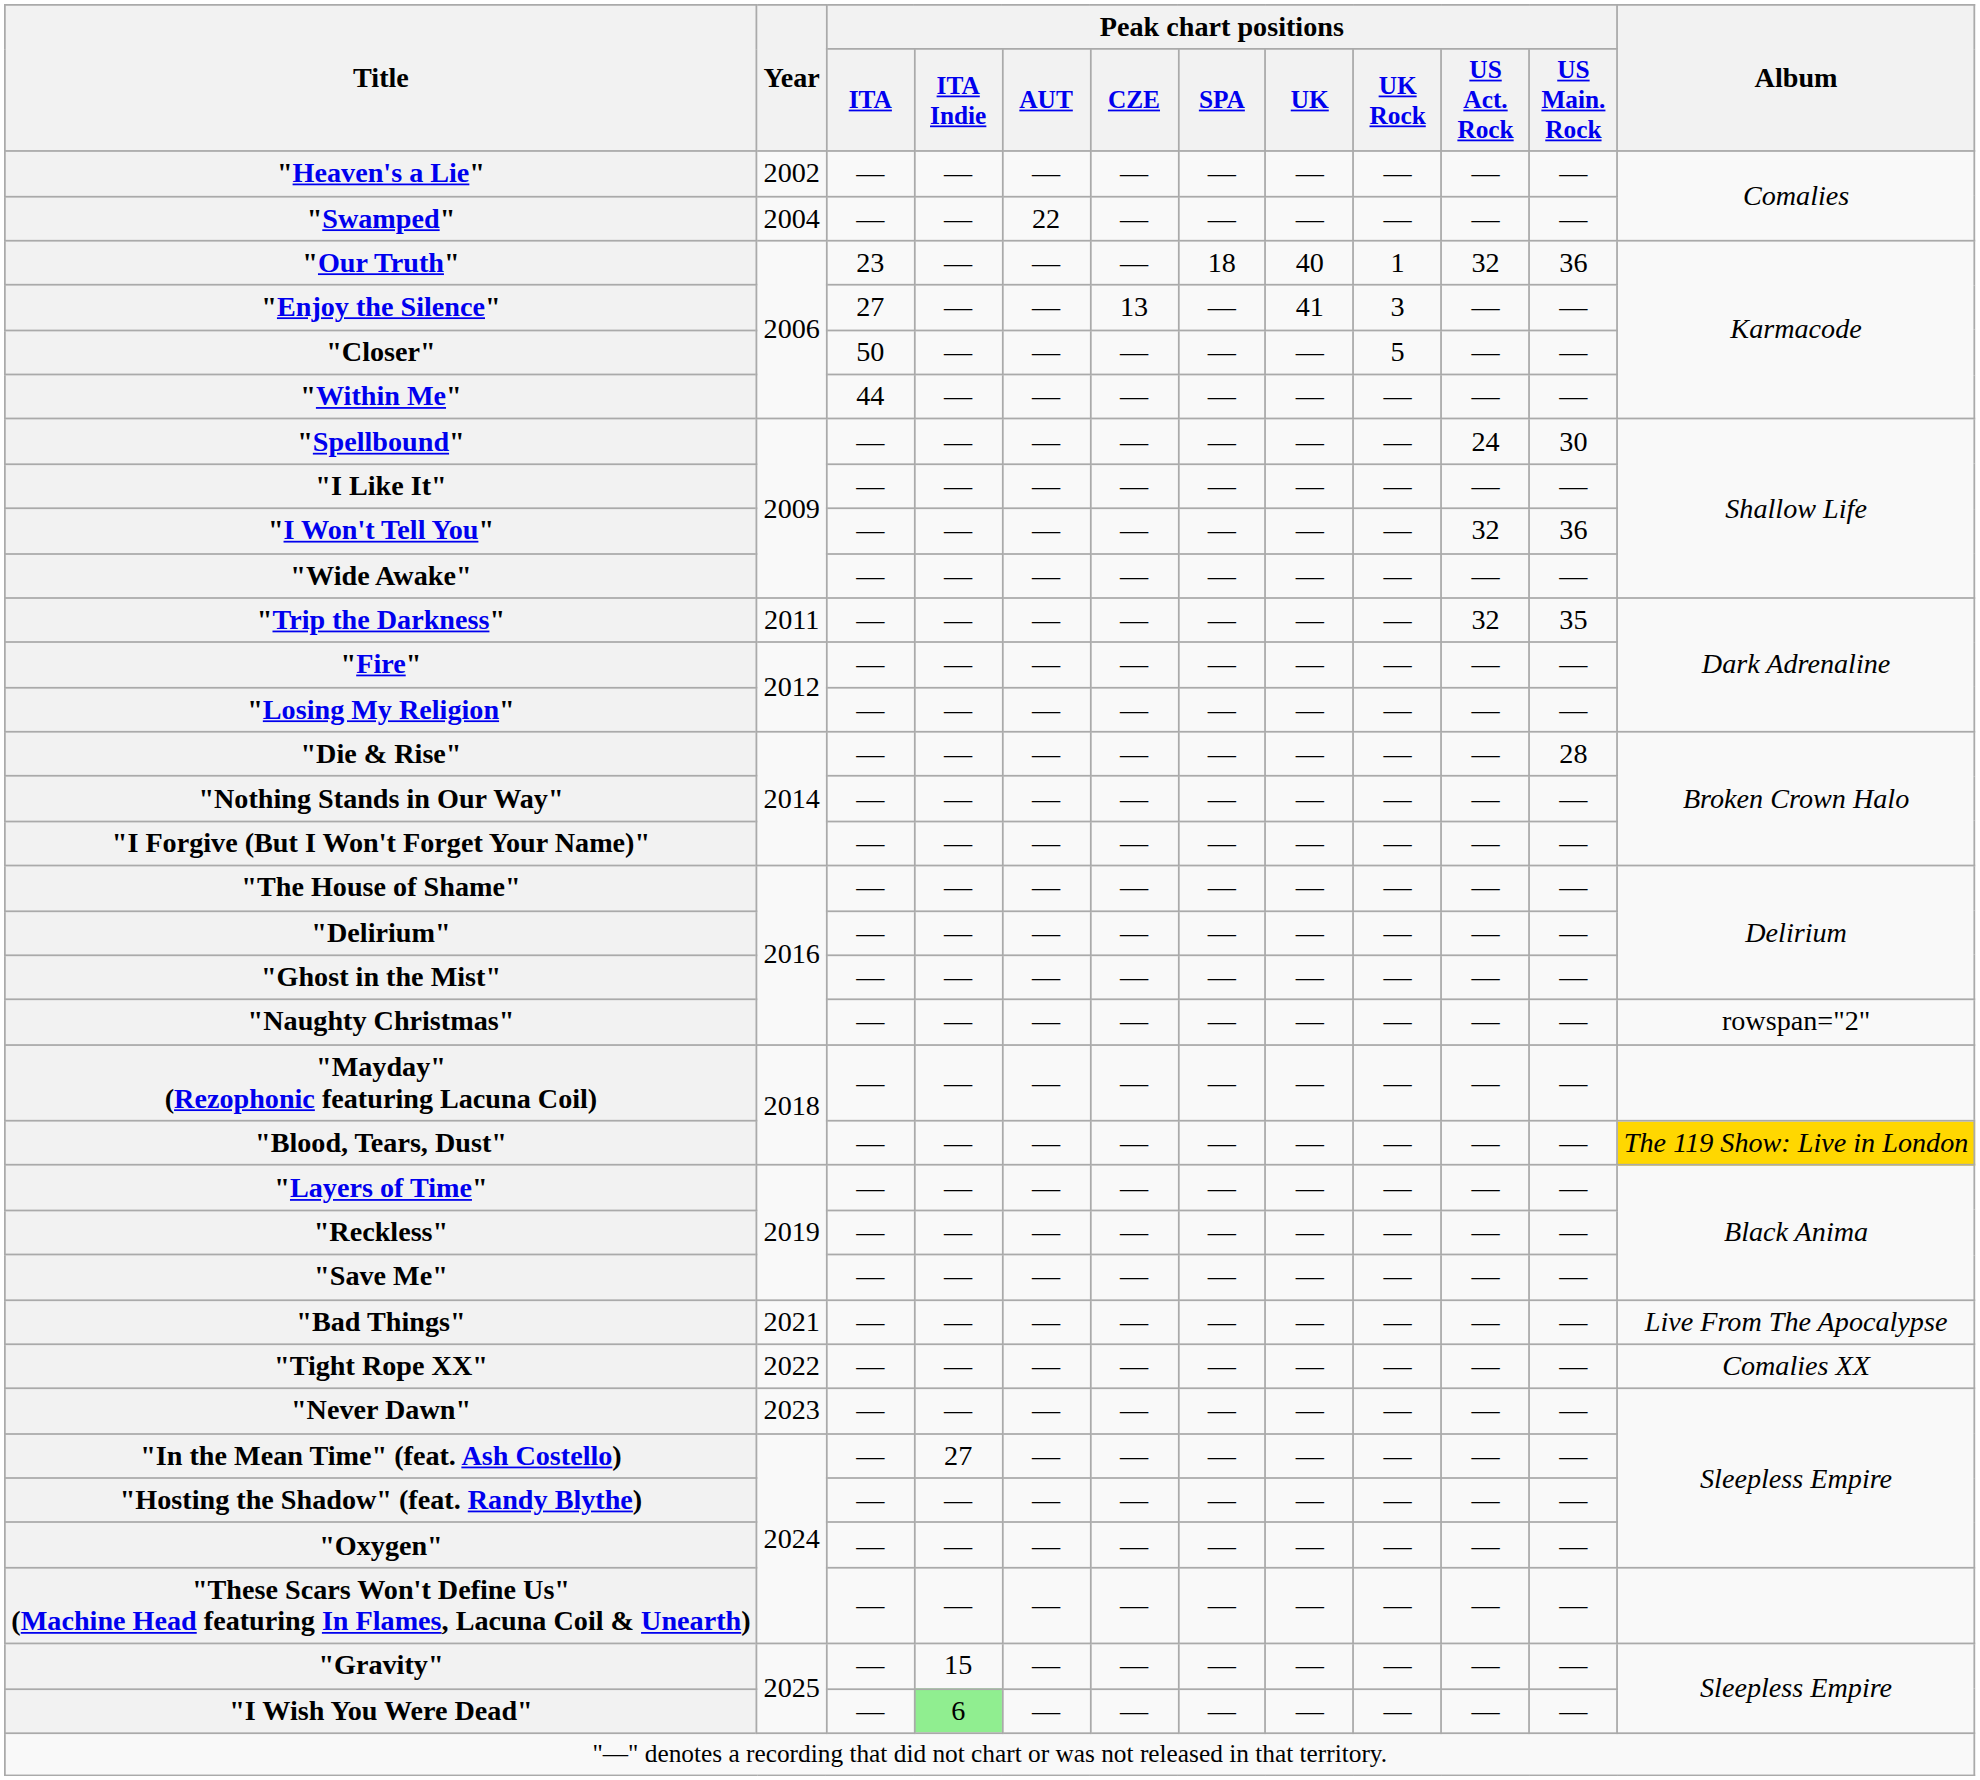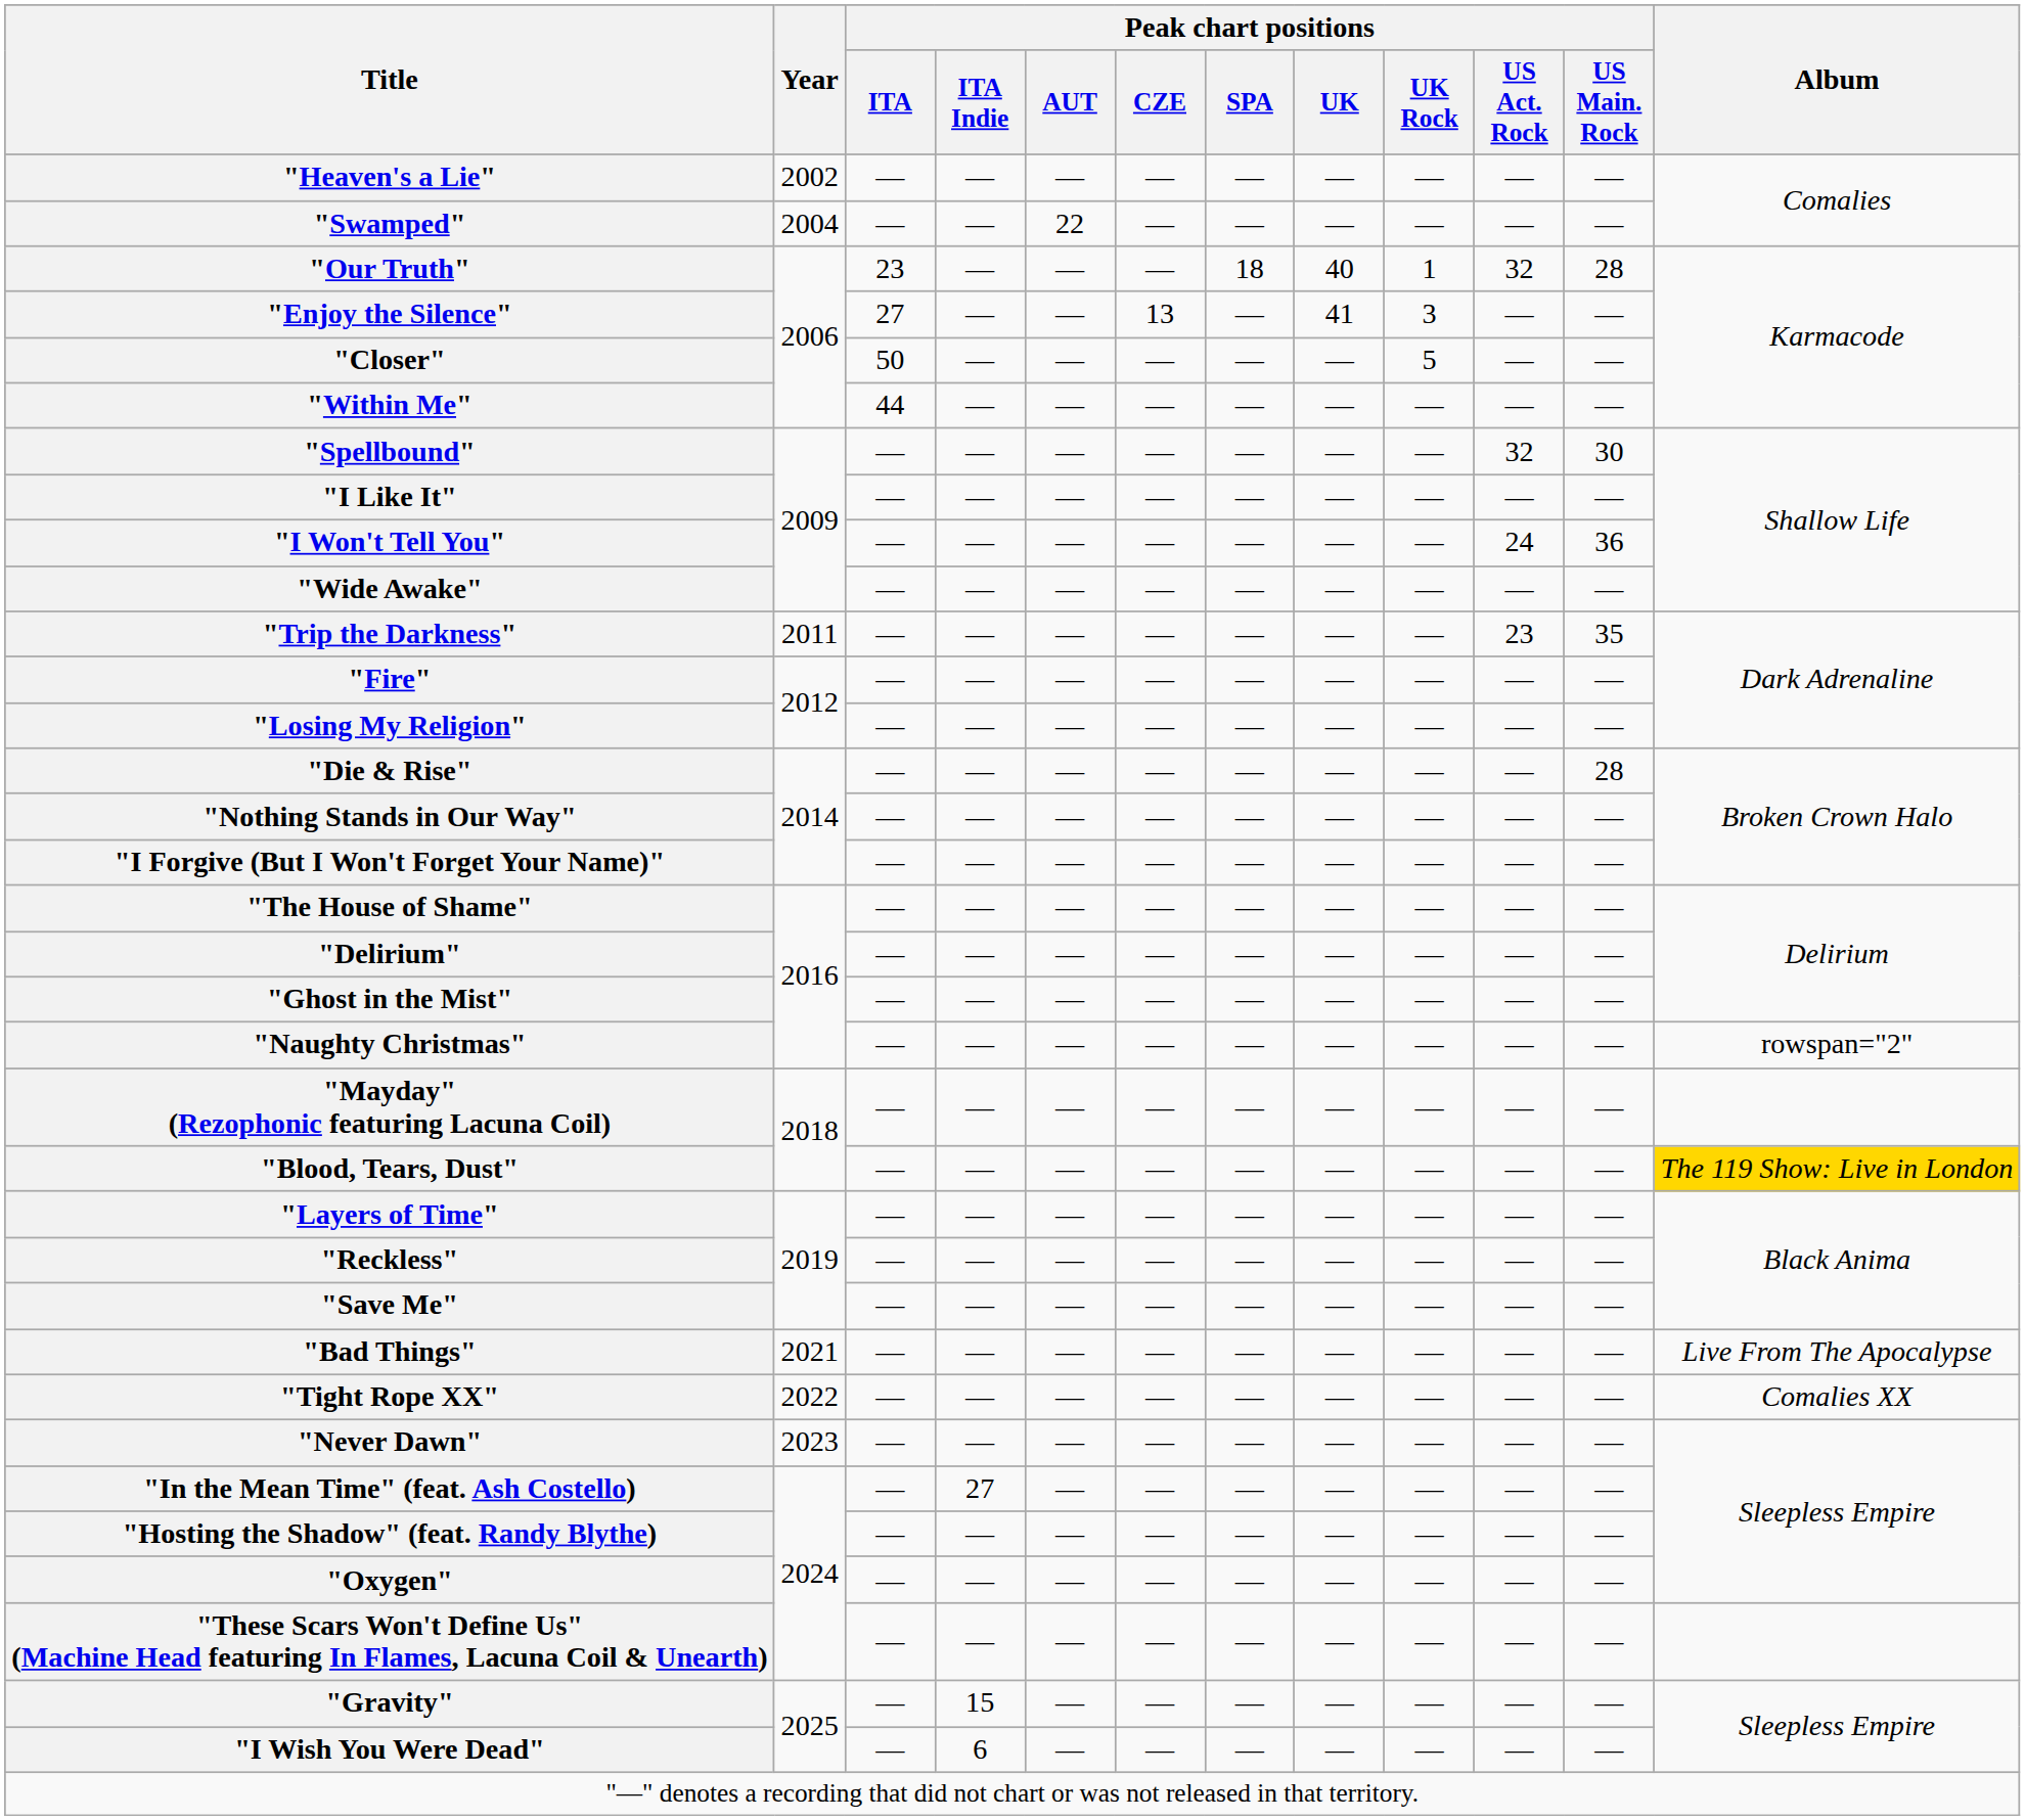 <table class="wikitable plainrowheaders" style="text-align:center;">
 <tr>
 <th scope="col" rowspan="2">Title</th>
 <th scope="col" rowspan="2">Year</th>
 <th scope="col" colspan="9">Peak chart positions</th>
 <th scope="col" rowspan="2">Album</th>
 </tr>
 <tr>
 <th scope="col" style="width:3em;font-size:90%;"><a href='#'>ITA</a><br></th>
 <th scope="col" style="width:3em;font-size:90%;"><a href='#'>ITA<br>Indie</a><br></th>
 <th scope="col" style="width:3em;font-size:90%;"><a href='#'>AUT</a><br></th>
 <th scope="col" style="width:3em;font-size:90%;"><a href='#'>CZE</a><br></th>
 <th scope="col" style="width:3em;font-size:90%;"><a href='#'>SPA</a><br></th>
 <th scope="col" style="width:3em;font-size:90%;"><a href='#'>UK</a><br></th>
 <th scope="col" style="width:3em;font-size:90%;"><a href='#'>UK<br>Rock</a><br></th>
 <th scope="col" style="width:3em;font-size:90%;"><a href='#'>US<br>Act.<br>Rock</a><br></th>
 <th scope="col" style="width:3em;font-size:90%;"><a href='#'>US<br>Main.<br>Rock</a><br></th>
 </tr>
 <tr>
 <th scope="row">"<a href='#'>Heaven's a Lie</a>"</th>
 <td>2002</td>
 <td>—</td>
 <td>—</td>
 <td>—</td>
 <td>—</td>
 <td>—</td>
 <td>—</td>
 <td>—</td>
 <td>—</td>
 <td>—</td>
 <td rowspan="2"><em>Comalies</em></td>
 </tr>
 <tr>
 <th scope="row">"<a href='#'>Swamped</a>"</th>
 <td>2004</td>
 <td>—</td>
 <td>—</td>
 <td>22</td>
 <td>—</td>
 <td>—</td>
 <td>—</td>
 <td>—</td>
 <td>—</td>
 <td>—</td>
 </tr>
 <tr>
 <th scope="row">"<a href='#'>Our Truth</a>"</th>
 <td rowspan="4">2006</td>
 <td>23</td>
 <td>—</td>
 <td>—</td>
 <td>—</td>
 <td>18</td>
 <td>40</td>
 <td>1</td>
 <td>32</td>
-<td>36</td>
+<td>28</td>
 <td rowspan="4"><em>Karmacode</em></td>
 </tr>
 <tr>
 <th scope="row">"<a href='#'>Enjoy the Silence</a>"</th>
 <td>27</td>
 <td>—</td>
 <td>—</td>
 <td>13</td>
 <td>—</td>
 <td>41</td>
 <td>3</td>
 <td>—</td>
 <td>—</td>
 </tr>
 <tr>
 <th scope="row">"Closer"</th>
 <td>50</td>
 <td>—</td>
 <td>—</td>
 <td>—</td>
 <td>—</td>
 <td>—</td>
 <td>5</td>
 <td>—</td>
 <td>—</td>
 </tr>
 <tr>
 <th scope="row">"<a href='#'>Within Me</a>"</th>
 <td>44</td>
 <td>—</td>
 <td>—</td>
 <td>—</td>
 <td>—</td>
 <td>—</td>
 <td>—</td>
 <td>—</td>
 <td>—</td>
 </tr>
 <tr>
 <th scope="row">"<a href='#'>Spellbound</a>"</th>
 <td rowspan="4">2009</td>
 <td>—</td>
 <td>—</td>
 <td>—</td>
 <td>—</td>
 <td>—</td>
 <td>—</td>
 <td>—</td>
-<td>24</td>
+<td>32</td>
 <td>30</td>
 <td rowspan="4"><em>Shallow Life</em></td>
 </tr>
 <tr>
 <th scope="row">"I Like It"</th>
 <td>—</td>
 <td>—</td>
 <td>—</td>
 <td>—</td>
 <td>—</td>
 <td>—</td>
 <td>—</td>
 <td>—</td>
 <td>—</td>
 </tr>
 <tr>
 <th scope="row">"<a href='#'>I Won't Tell You</a>"</th>
 <td>—</td>
 <td>—</td>
 <td>—</td>
 <td>—</td>
 <td>—</td>
 <td>—</td>
 <td>—</td>
-<td>32</td>
+<td>24</td>
 <td>36</td>
 </tr>
 <tr>
 <th scope="row">"Wide Awake"</th>
 <td>—</td>
 <td>—</td>
 <td>—</td>
 <td>—</td>
 <td>—</td>
 <td>—</td>
 <td>—</td>
 <td>—</td>
 <td>—</td>
 </tr>
 <tr>
 <th scope="row">"<a href='#'>Trip the Darkness</a>"</th>
 <td>2011</td>
 <td>—</td>
 <td>—</td>
 <td>—</td>
 <td>—</td>
 <td>—</td>
 <td>—</td>
 <td>—</td>
-<td>32</td>
+<td>23</td>
 <td>35</td>
 <td rowspan="3"><em>Dark Adrenaline</em></td>
 </tr>
 <tr>
 <th scope="row">"<a href='#'>Fire</a>"</th>
 <td rowspan="2">2012</td>
 <td>—</td>
 <td>—</td>
 <td>—</td>
 <td>—</td>
 <td>—</td>
 <td>—</td>
 <td>—</td>
 <td>—</td>
 <td>—</td>
 </tr>
 <tr>
 <th scope="row">"<a href='#'>Losing My Religion</a>"</th>
 <td>—</td>
 <td>—</td>
 <td>—</td>
 <td>—</td>
 <td>—</td>
 <td>—</td>
 <td>—</td>
 <td>—</td>
 <td>—</td>
 </tr>
 <tr>
 <th scope="row">"Die & Rise"</th>
 <td rowspan="3">2014</td>
 <td>—</td>
 <td>—</td>
 <td>—</td>
 <td>—</td>
 <td>—</td>
 <td>—</td>
 <td>—</td>
 <td>—</td>
 <td>28</td>
 <td rowspan="3"><em>Broken Crown Halo</em></td>
 </tr>
 <tr>
 <th scope="row">"Nothing Stands in Our Way"</th>
 <td>—</td>
 <td>—</td>
 <td>—</td>
 <td>—</td>
 <td>—</td>
 <td>—</td>
 <td>—</td>
 <td>—</td>
 <td>—</td>
 </tr>
 <tr>
 <th scope="row">"I Forgive (But I Won't Forget Your Name)"</th>
 <td>—</td>
 <td>—</td>
 <td>—</td>
 <td>—</td>
 <td>—</td>
 <td>—</td>
 <td>—</td>
 <td>—</td>
 <td>—</td>
 </tr>
 <tr>
 <th scope="row">"The House of Shame"</th>
 <td rowspan="4">2016</td>
 <td>—</td>
 <td>—</td>
 <td>—</td>
 <td>—</td>
 <td>—</td>
 <td>—</td>
 <td>—</td>
 <td>—</td>
 <td>—</td>
 <td rowspan="3"><em>Delirium</em></td>
 </tr>
 <tr>
 <th scope="row">"Delirium"</th>
 <td>—</td>
 <td>—</td>
 <td>—</td>
 <td>—</td>
 <td>—</td>
 <td>—</td>
 <td>—</td>
 <td>—</td>
 <td>—</td>
 </tr>
 <tr>
 <th scope="row">"Ghost in the Mist"</th>
 <td>—</td>
 <td>—</td>
 <td>—</td>
 <td>—</td>
 <td>—</td>
 <td>—</td>
 <td>—</td>
 <td>—</td>
 <td>—</td>
 </tr>
 <tr>
 <th scope="row">"Naughty Christmas"</th>
 <td>—</td>
 <td>—</td>
 <td>—</td>
 <td>—</td>
 <td>—</td>
 <td>—</td>
 <td>—</td>
 <td>—</td>
 <td>—</td>
 <td>rowspan="2" </td>
 </tr>
 <tr>
 <th scope="row">"Mayday"<br><span>(<a href='#'>Rezophonic</a> featuring Lacuna Coil)</span></th>
 <td rowspan="2">2018</td>
 <td>—</td>
 <td>—</td>
 <td>—</td>
 <td>—</td>
 <td>—</td>
 <td>—</td>
 <td>—</td>
 <td>—</td>
 <td>—</td>
 </tr>
 <tr>
 <th scope="row">"Blood, Tears, Dust"<br></th>
 <td>—</td>
 <td>—</td>
 <td>—</td>
 <td>—</td>
 <td>—</td>
 <td>—</td>
 <td>—</td>
 <td>—</td>
 <td>—</td>
 <td style="background: gold;"><em>The 119 Show: Live in London</em></td>
 </tr>
 <tr>
 <th scope="row">"<a href='#'>Layers of Time</a>"</th>
 <td rowspan="3">2019</td>
 <td>—</td>
 <td>—</td>
 <td>—</td>
 <td>—</td>
 <td>—</td>
 <td>—</td>
 <td>—</td>
 <td>—</td>
 <td>—</td>
 <td rowspan="3"><em>Black Anima</em></td>
 </tr>
 <tr>
 <th scope="row">"Reckless"</th>
 <td>—</td>
 <td>—</td>
 <td>—</td>
 <td>—</td>
 <td>—</td>
 <td>—</td>
 <td>—</td>
 <td>—</td>
 <td>—</td>
 </tr>
 <tr>
 <th scope="row">"Save Me"<br></th>
 <td>—</td>
 <td>—</td>
 <td>—</td>
 <td>—</td>
 <td>—</td>
 <td>—</td>
 <td>—</td>
 <td>—</td>
 <td>—</td>
 </tr>
 <tr>
 <th scope="row">"Bad Things"<br></th>
 <td rowspan="1">2021</td>
 <td>—</td>
 <td>—</td>
 <td>—</td>
 <td>—</td>
 <td>—</td>
 <td>—</td>
 <td>—</td>
 <td>—</td>
 <td>—</td>
 <td><em>Live From The Apocalypse</em></td>
 </tr>
 <tr>
 <th scope="row">"Tight Rope XX"</th>
 <td rowspan="1">2022</td>
 <td>—</td>
 <td>—</td>
 <td>—</td>
 <td>—</td>
 <td>—</td>
 <td>—</td>
 <td>—</td>
 <td>—</td>
 <td>—</td>
 <td><em>Comalies XX</em></td>
 </tr>
 <tr>
 <th scope="row">"Never Dawn"</th>
 <td>2023</td>
 <td>—</td>
 <td>—</td>
 <td>—</td>
 <td>—</td>
 <td>—</td>
 <td>—</td>
 <td>—</td>
 <td>—</td>
 <td>—</td>
 <td rowspan="4"><em>Sleepless Empire</em></td>
 </tr>
 <tr>
 <th scope="row">"In the Mean Time" <span>(feat. <a href='#'>Ash Costello</a>)</span></th>
 <td rowspan="4">2024</td>
 <td>—</td>
 <td>27</td>
 <td>—</td>
 <td>—</td>
 <td>—</td>
 <td>—</td>
 <td>—</td>
 <td>—</td>
 <td>—</td>
 </tr>
 <tr>
 <th scope="row">"Hosting the Shadow" <span>(feat. <a href='#'>Randy Blythe</a>)</span></th>
 <td>—</td>
 <td>—</td>
 <td>—</td>
 <td>—</td>
 <td>—</td>
 <td>—</td>
 <td>—</td>
 <td>—</td>
 <td>—</td>
 </tr>
 <tr>
 <th scope="row">"Oxygen"</th>
 <td>—</td>
 <td>—</td>
 <td>—</td>
 <td>—</td>
 <td>—</td>
 <td>—</td>
 <td>—</td>
 <td>—</td>
 <td>—</td>
 </tr>
 <tr>
 <th scope="row">"These Scars Won't Define Us"<br><span>(<a href='#'>Machine Head</a> featuring <a href='#'>In Flames</a>, Lacuna Coil & <a href='#'>Unearth</a>)</span></th>
 <td>—</td>
 <td>—</td>
 <td>—</td>
 <td>—</td>
 <td>—</td>
 <td>—</td>
 <td>—</td>
 <td>—</td>
 <td>—</td>
 <td></td>
 </tr>
 <tr>
 <th scope="row">"Gravity"</th>
 <td rowspan="2">2025</td>
 <td>—</td>
 <td>15</td>
 <td>—</td>
 <td>—</td>
 <td>—</td>
 <td>—</td>
 <td>—</td>
 <td>—</td>
 <td>—</td>
 <td rowspan="2"><em>Sleepless Empire</em></td>
 </tr>
 <tr>
 <th scope="row">"I Wish You Were Dead"</th>
 <td>—</td>
-<td style="background: lightgreen;">6</td>
+<td>6</td>
 <td>—</td>
 <td>—</td>
 <td>—</td>
 <td>—</td>
 <td>—</td>
 <td>—</td>
 <td>—</td>
 </tr>
 <tr>
 <td colspan="12" style="font-size:90%">"—" denotes a recording that did not chart or was not released in that territory.</td>
 </tr>
 </table>
